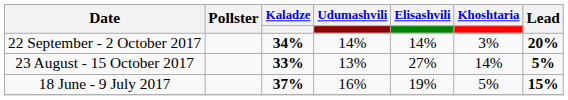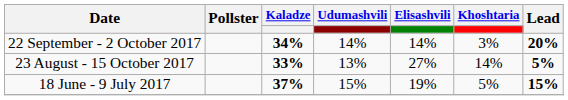 <table class="wikitable" style="text-align:center; font-size:100%; line-height:14px;">
 <tr style="background-color:#E9E9E9">
 <th rowspan=2>Date</th>
 <th rowspan=2>Pollster</th>
 <th width=40px><small><a href='#'>Kaladze</a></small><br></th>
 <th width=40px><small><a href='#'>Udumashvili</a></small><br></th>
 <th width=40px><small><a href='#'>Elisashvili</a></small><br></th>
 <th width=40px><small><a href='#'>Khoshtaria</a></small><br></th>
 <th style="width:20px;" rowspan="2">Lead</th>
 </tr>
 <tr>
 <th style="background:"></th>
 <th style="background:#8B0000"></th>
 <th style="background:#018100"></th>
 <th style="background:#FF0000"></th>
 </tr>
 <tr>
 <td>22 September - 2 October 2017</td>
 <td></td>
 <td><strong>34%</strong></td>
 <td>14%</td>
 <td>14%</td>
 <td>3%</td>
 <td style="background:"><strong>20%</strong></td>
 </tr>
 <tr>
 <td>23 August - 15 October 2017</td>
 <td></td>
 <td><strong>33%</strong></td>
 <td>13%</td>
 <td>27%</td>
 <td>14%</td>
 <td style="background:"><strong>5%</strong></td>
 </tr>
 <tr>
 <td>18 June - 9 July 2017</td>
 <td></td>
 <td><strong>37%</strong></td>
-<td>16%</td>
+<td>15%</td>
 <td>19%</td>
 <td>5%</td>
 <td style="background:"><strong>15%</strong></td>
 </tr>
 <tr>
 </tr>
 </table>
